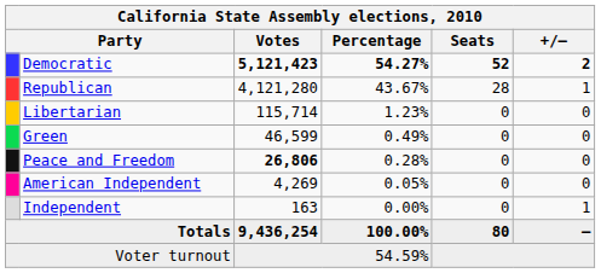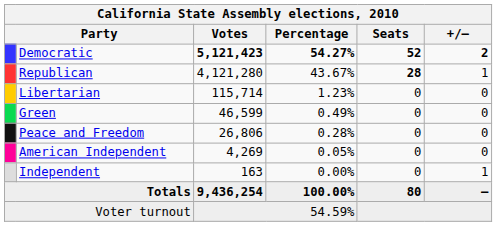 <table class="wikitable" style="font-size:95%;">
 <tr>
 <th colspan="6">California State Assembly elections, 2010</th>
 </tr>
 <tr>
 <th colspan=2 style="width: 15em">Party</th>
 <th style="width: 5em">Votes</th>
 <th style="width: 7em">Percentage</th>
 <th style="width: 5em">Seats</th>
 <th style="width: 5em">+/–</th>
 </tr>
 <tr>
 <th style="background-color:#3333FF; width: 3px"></th>
 <td style="width: 130px"><a href='#'>Democratic</a></td>
 <td align="right"><strong>5,121,423</strong></td>
 <td align="right"><strong>54.27%</strong></td>
 <td align="right"><strong>52</strong></td>
 <td align="right"><strong> 2</strong></td>
 </tr>
 <tr>
 <th style="background-color:#FF3333; width: 3px"></th>
 <td style="width: 130px"><a href='#'>Republican</a></td>
 <td align="right">4,121,280</td>
 <td align="right">43.67%</td>
-<td align="right">28</td>
+<td align="right"><strong>28</strong></td>
 <td align="right"> 1</td>
 </tr>
 <tr>
 <th style="background-color:#FFCC00; width: 3px"></th>
 <td style="width: 130px"><a href='#'>Libertarian</a></td>
 <td align="right">115,714</td>
 <td align="right">1.23%</td>
 <td align="right">0</td>
 <td align="right">0</td>
 </tr>
 <tr>
 <th style="background-color:#0BDA51; width: 3px"></th>
 <td style="width: 130px"><a href='#'>Green</a></td>
 <td align="right">46,599</td>
 <td align="right">0.49%</td>
 <td align="right">0</td>
 <td align="right">0</td>
 </tr>
 <tr>
 <th style="background-color:#111111; width: 3px"></th>
 <td style="width: 130px"><a href='#'>Peace and Freedom</a></td>
-<td align="right"><strong>26,806</strong></td>
+<td align="right">26,806</td>
 <td align="right">0.28%</td>
 <td align="right">0</td>
 <td align="right">0</td>
 </tr>
 <tr>
 <th style="background-color:#FF0099; width: 3px"></th>
 <td style="width: 130px"><a href='#'>American Independent</a></td>
 <td align="right">4,269</td>
 <td align="right">0.05%</td>
 <td align="right">0</td>
 <td align="right">0</td>
 </tr>
 <tr>
 <th style="background-color:#DDDDDD; width: 3px"></th>
 <td style="width: 130px"><a href='#'>Independent</a></td>
 <td align="right">163</td>
 <td align="right">0.00%</td>
 <td align="right">0</td>
 <td align="right"> 1</td>
 </tr>
 <tr bgcolor="#EEEEEE">
 <td colspan="2" align="right"><strong>Totals</strong></td>
 <td align="right"><strong>9,436,254</strong></td>
 <td align="right"><strong>100.00%</strong></td>
 <td align="right"><strong>80</strong></td>
 <td align="right"><strong>—</strong></td>
 </tr>
 <tr bgcolor="#EEEEEE">
 <td colspan="2" align="right">Voter turnout</td>
 <td colspan="2" align="right">54.59%</td>
 <td colspan="2" align="right"></td>
 </tr>
 </table>
